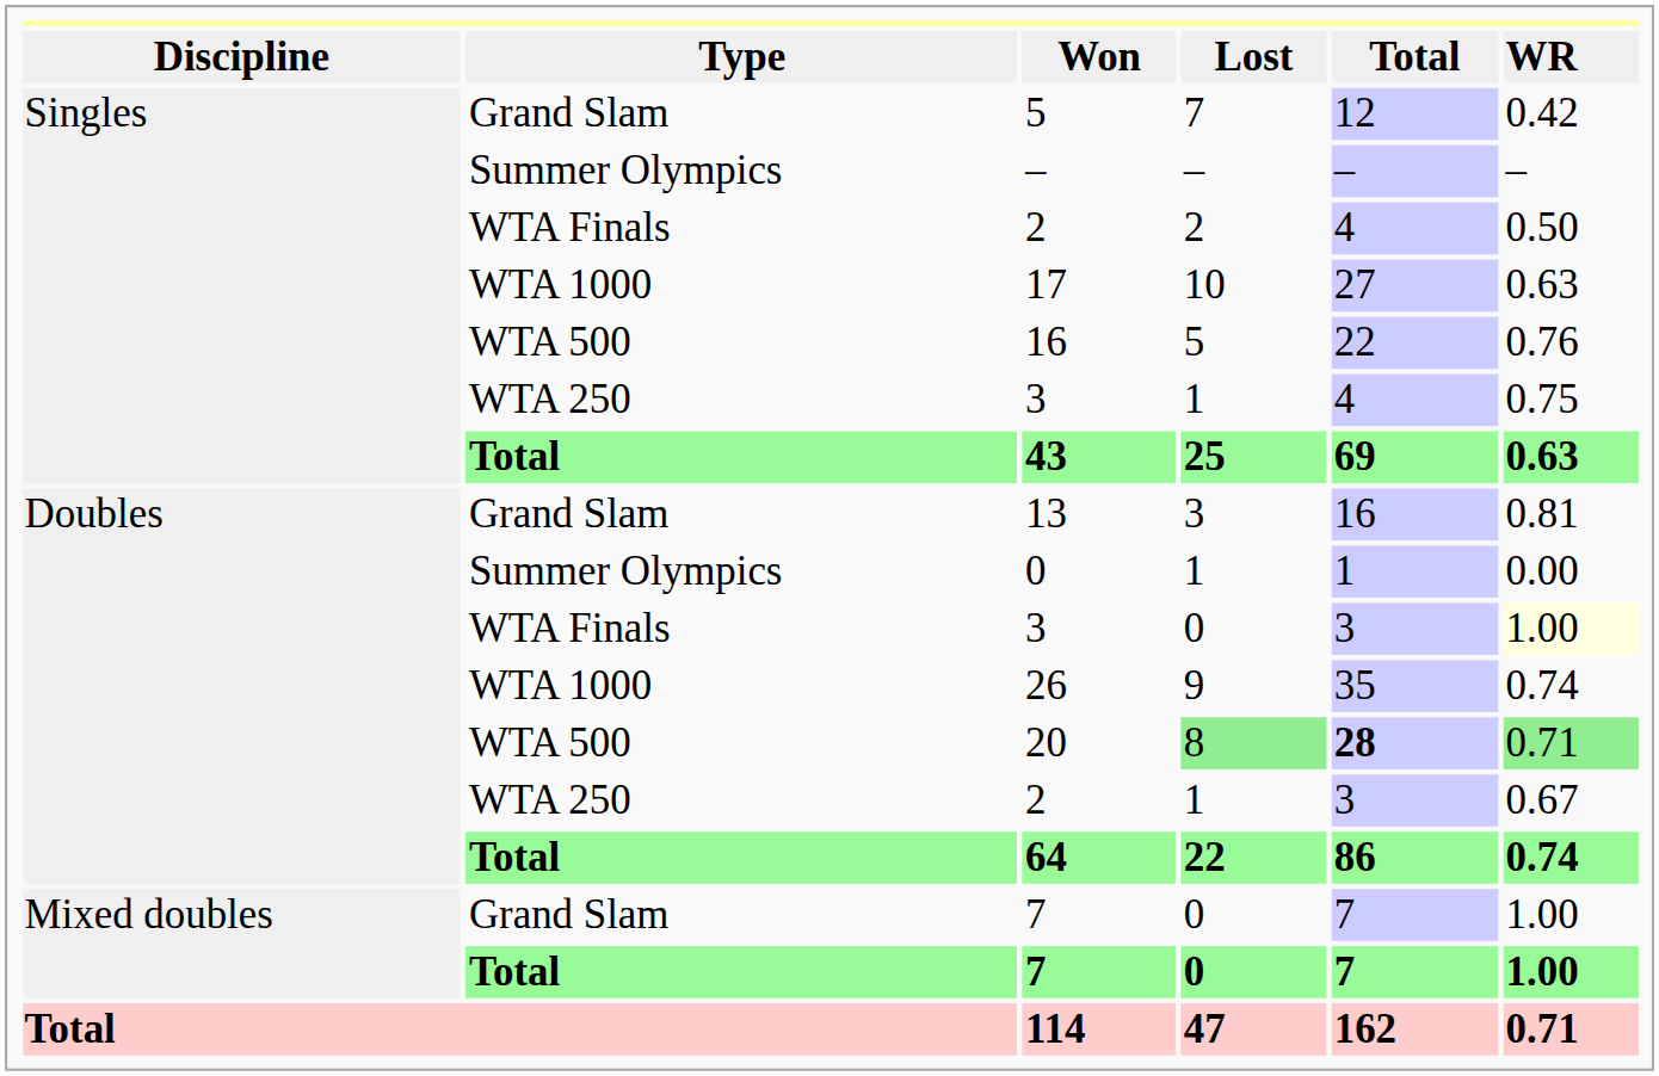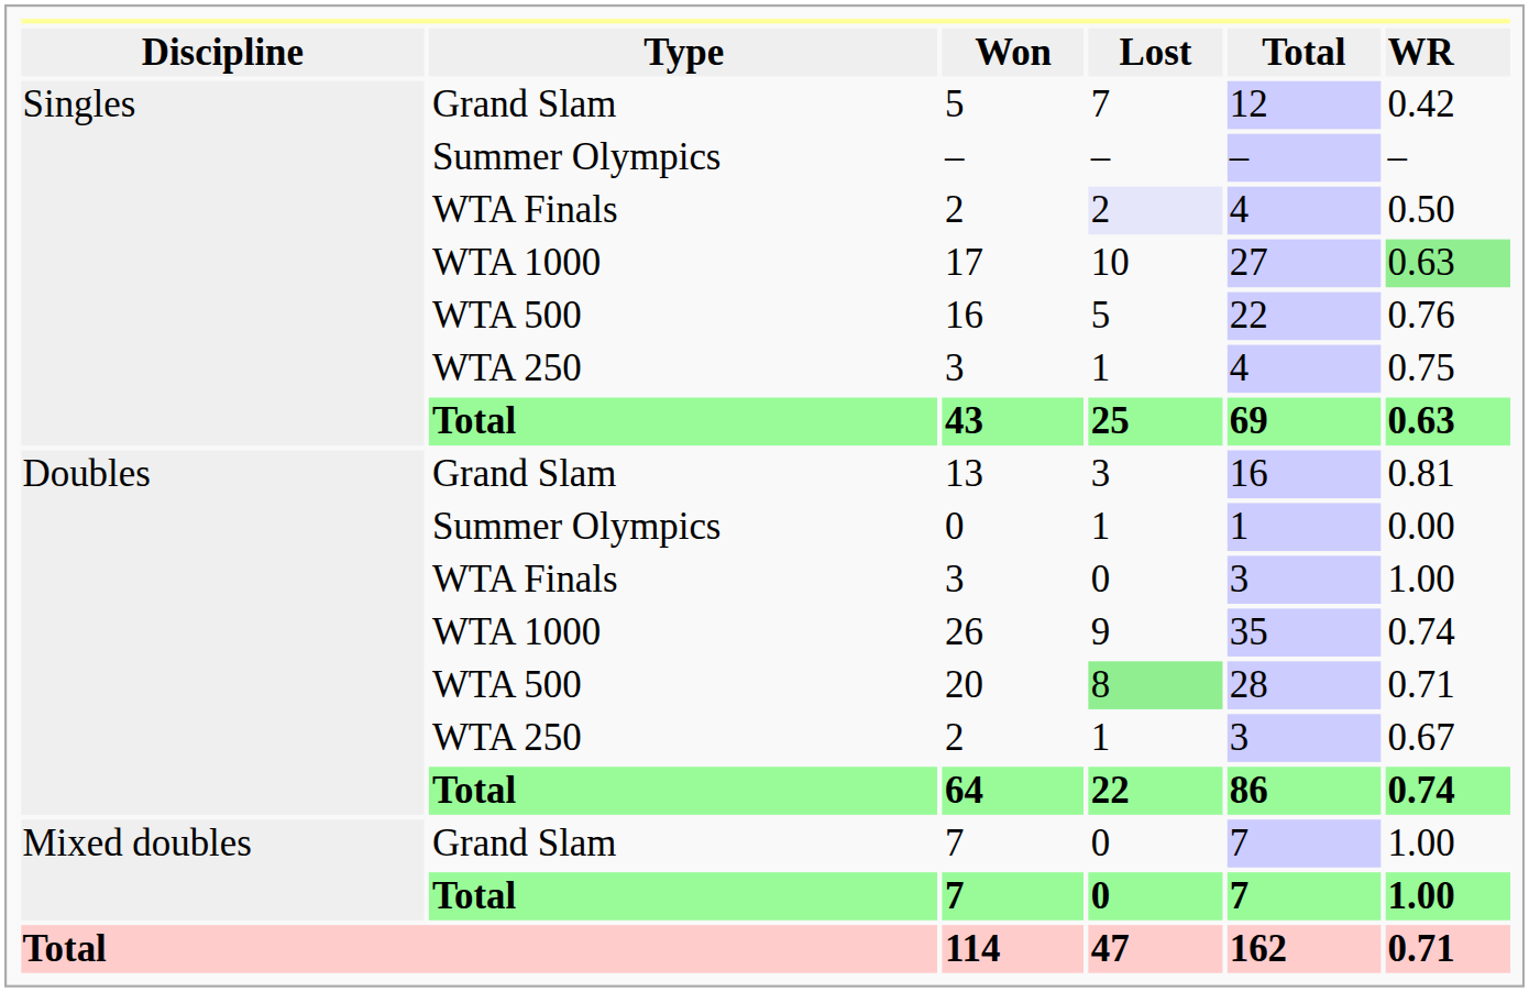 <table class="infobox vcard vevent nowrap" width=40%>
 <tr bgcolor=FFFF99>
 <th colspan=6></th>
 </tr>
 <tr style=background:#efefef;font-weight:bold>
 <th>Discipline</th>
 <th>Type</th>
 <th>Won</th>
 <th>Lost</th>
 <th>Total</th>
 <td>WR</td>
 </tr>
 <tr>
 <td rowspan="7" bgcolor="efefef">Singles</td>
 <td>Grand Slam</td>
 <td>5</td>
 <td>7</td>
 <td bgcolor=CCCCFF>12</td>
 <td>0.42</td>
 </tr>
 <tr>
 <td>Summer Olympics</td>
 <td>–</td>
 <td>–</td>
 <td bgcolor=CCCCFF>–</td>
 <td>–</td>
 </tr>
 <tr>
 <td>WTA Finals</td>
 <td>2</td>
-<td>2</td>
+<td style="background: lavender;">2</td>
 <td bgcolor=CCCCFF>4</td>
 <td>0.50</td>
 </tr>
 <tr>
 <td>WTA 1000</td>
 <td>17</td>
 <td>10</td>
 <td bgcolor=CCCCFF>27</td>
-<td>0.63</td>
+<td style="background: lightgreen;">0.63</td>
 </tr>
 <tr>
 <td>WTA 500</td>
 <td>16</td>
 <td>5</td>
 <td bgcolor="CCCCFF">22</td>
 <td>0.76</td>
 </tr>
 <tr>
 <td>WTA 250</td>
 <td>3</td>
 <td>1</td>
 <td bgcolor="CCCCFF">4</td>
 <td>0.75</td>
 </tr>
 <tr style="background:#98FB98;font-weight:bold">
 <td>Total</td>
 <td>43</td>
 <td>25</td>
 <td>69</td>
 <td>0.63</td>
 </tr>
 <tr>
 <td rowspan="7" bgcolor="efefef">Doubles</td>
 <td>Grand Slam</td>
 <td>13</td>
 <td>3</td>
 <td bgcolor="CCCCFF">16</td>
 <td>0.81</td>
 </tr>
 <tr>
 <td>Summer Olympics</td>
 <td>0</td>
 <td>1</td>
 <td bgcolor="CCCCFF">1</td>
 <td>0.00</td>
 </tr>
 <tr>
 <td>WTA Finals</td>
 <td>3</td>
 <td>0</td>
 <td bgcolor="CCCCFF">3</td>
-<td style="background: lightyellow;">1.00</td>
+<td>1.00</td>
 </tr>
 <tr>
 <td>WTA 1000</td>
 <td>26</td>
 <td>9</td>
 <td bgcolor="CCCCFF">35</td>
 <td>0.74</td>
 </tr>
 <tr>
 <td>WTA 500</td>
 <td>20</td>
 <td style="background: lightgreen;">8</td>
-<td bgcolor="CCCCFF"><strong>28</strong></td>
-<td style="background: lightgreen;">0.71</td>
+<td bgcolor="CCCCFF">28</td>
+<td>0.71</td>
 </tr>
 <tr>
 <td>WTA 250</td>
 <td>2</td>
 <td>1</td>
 <td bgcolor="CCCCFF">3</td>
 <td>0.67</td>
 </tr>
 <tr style="background:#98FB98;font-weight:bold">
 <td>Total</td>
 <td>64</td>
 <td>22</td>
 <td>86</td>
 <td>0.74</td>
 </tr>
 <tr>
 <td rowspan="2" bgcolor="efefef">Mixed doubles</td>
 <td>Grand Slam</td>
 <td>7</td>
 <td>0</td>
 <td bgcolor="CCCCFF">7</td>
 <td>1.00</td>
 </tr>
 <tr style="background:#98FB98;font-weight:bold">
 <td>Total</td>
 <td>7</td>
 <td>0</td>
 <td>7</td>
 <td>1.00</td>
 </tr>
 <tr style="background:#FCC;font-weight:bold">
 <td colspan="2">Total</td>
 <td>114</td>
 <td>47</td>
 <td>162</td>
 <td>0.71</td>
 </tr>
 </table>
